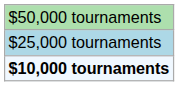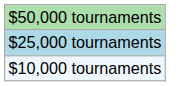 <table class="wikitable" style="font-size:85%;">
 <tr bgcolor="#ADDFAD">
 <td>$50,000 tournaments</td>
 </tr>
 <tr bgcolor="lightblue">
 <td>$25,000 tournaments</td>
 </tr>
 <tr style="background:#f0f8ff;">
-<td><strong>$10,000 tournaments</strong></td>
+<td>$10,000 tournaments</td>
 </tr>
 </table>
